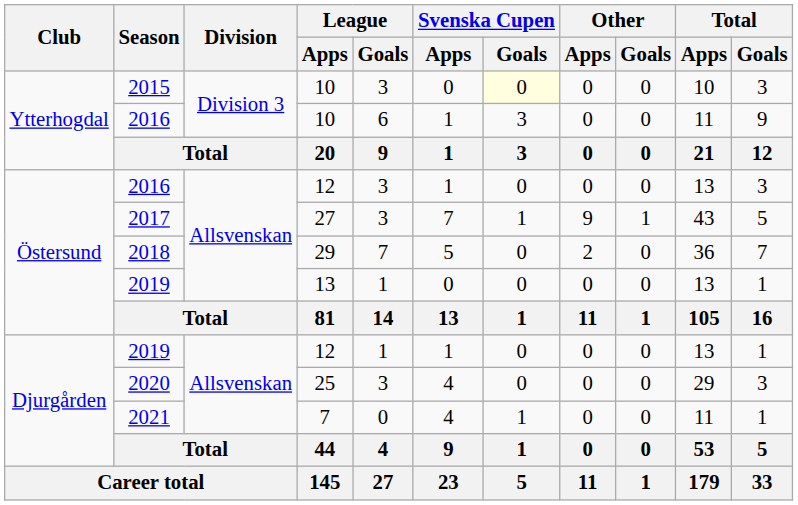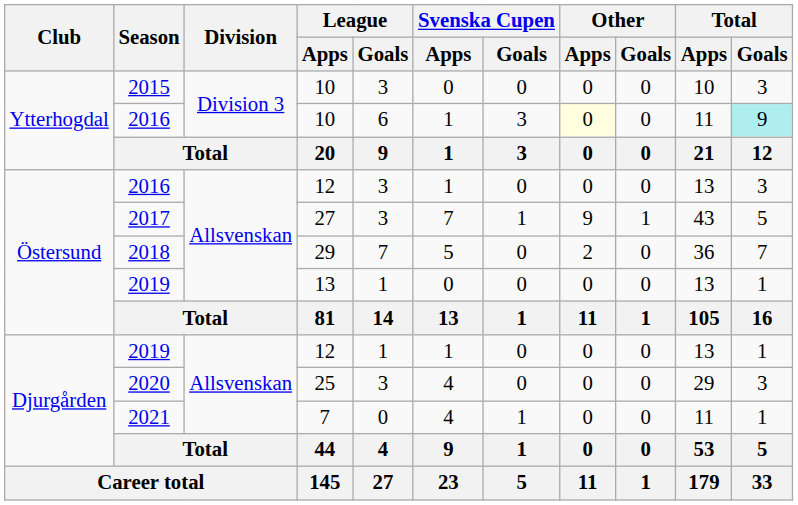 <table class="wikitable" style="text-align: center;">
 <tr>
 <th rowspan="2">Club</th>
 <th rowspan="2">Season</th>
 <th rowspan="2">Division</th>
 <th colspan="2">League</th>
 <th colspan="2"><a href='#'>Svenska Cupen</a></th>
 <th colspan="2">Other</th>
 <th colspan="2">Total</th>
 </tr>
 <tr>
 <th>Apps</th>
 <th>Goals</th>
 <th>Apps</th>
 <th>Goals</th>
 <th>Apps</th>
 <th>Goals</th>
 <th>Apps</th>
 <th>Goals</th>
 </tr>
 <tr>
 <td rowspan="3"><a href='#'>Ytterhogdal</a></td>
 <td><a href='#'>2015</a></td>
 <td rowspan="2"><a href='#'>Division 3</a></td>
 <td>10</td>
 <td>3</td>
 <td>0</td>
-<td style="background: lightyellow;">0</td>
+<td>0</td>
 <td>0</td>
 <td>0</td>
 <td>10</td>
 <td>3</td>
 </tr>
 <tr>
 <td><a href='#'>2016</a></td>
 <td>10</td>
 <td>6</td>
 <td>1</td>
 <td>3</td>
-<td>0</td>
+<td style="background: lightyellow;">0</td>
 <td>0</td>
 <td>11</td>
-<td>9</td>
+<td style="background: paleturquoise;">9</td>
 </tr>
 <tr>
 <th colspan="2">Total</th>
 <th>20</th>
 <th>9</th>
 <th>1</th>
 <th>3</th>
 <th>0</th>
 <th>0</th>
 <th>21</th>
 <th>12</th>
 </tr>
 <tr>
 <td rowspan="5"><a href='#'>Östersund</a></td>
 <td><a href='#'>2016</a></td>
 <td rowspan="4"><a href='#'>Allsvenskan</a></td>
 <td>12</td>
 <td>3</td>
 <td>1</td>
 <td>0</td>
 <td>0</td>
 <td>0</td>
 <td>13</td>
 <td>3</td>
 </tr>
 <tr>
 <td><a href='#'>2017</a></td>
 <td>27</td>
 <td>3</td>
 <td>7</td>
 <td>1</td>
 <td>9</td>
 <td>1</td>
 <td>43</td>
 <td>5</td>
 </tr>
 <tr>
 <td><a href='#'>2018</a></td>
 <td>29</td>
 <td>7</td>
 <td>5</td>
 <td>0</td>
 <td>2</td>
 <td>0</td>
 <td>36</td>
 <td>7</td>
 </tr>
 <tr>
 <td><a href='#'>2019</a></td>
 <td>13</td>
 <td>1</td>
 <td>0</td>
 <td>0</td>
 <td>0</td>
 <td>0</td>
 <td>13</td>
 <td>1</td>
 </tr>
 <tr>
 <th colspan="2">Total</th>
 <th>81</th>
 <th>14</th>
 <th>13</th>
 <th>1</th>
 <th>11</th>
 <th>1</th>
 <th>105</th>
 <th>16</th>
 </tr>
 <tr>
 <td rowspan="4"><a href='#'>Djurgården</a></td>
 <td><a href='#'>2019</a></td>
 <td rowspan="3"><a href='#'>Allsvenskan</a></td>
 <td>12</td>
 <td>1</td>
 <td>1</td>
 <td>0</td>
 <td>0</td>
 <td>0</td>
 <td>13</td>
 <td>1</td>
 </tr>
 <tr>
 <td><a href='#'>2020</a></td>
 <td>25</td>
 <td>3</td>
 <td>4</td>
 <td>0</td>
 <td>0</td>
 <td>0</td>
 <td>29</td>
 <td>3</td>
 </tr>
 <tr>
 <td><a href='#'>2021</a></td>
 <td>7</td>
 <td>0</td>
 <td>4</td>
 <td>1</td>
 <td>0</td>
 <td>0</td>
 <td>11</td>
 <td>1</td>
 </tr>
 <tr>
 <th colspan="2">Total</th>
 <th>44</th>
 <th>4</th>
 <th>9</th>
 <th>1</th>
 <th>0</th>
 <th>0</th>
 <th>53</th>
 <th>5</th>
 </tr>
 <tr>
 <th colspan="3">Career total</th>
 <th>145</th>
 <th>27</th>
 <th>23</th>
 <th>5</th>
 <th>11</th>
 <th>1</th>
 <th>179</th>
 <th>33</th>
 </tr>
 </table>
